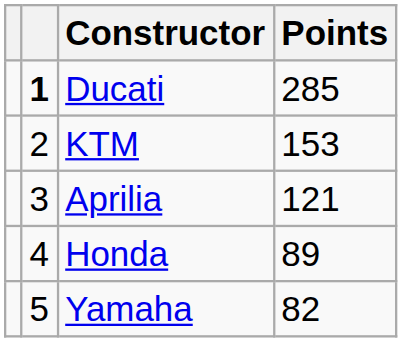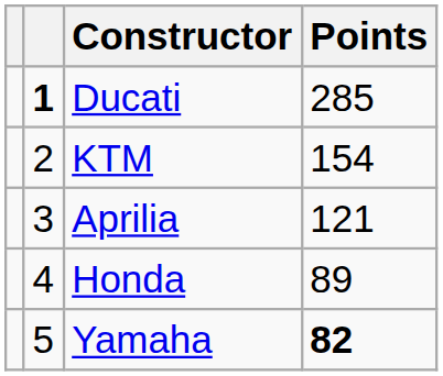 <table class="wikitable" style="font-size: 95%;">
 <tr>
 <th></th>
 <th></th>
 <th>Constructor</th>
 <th>Points</th>
 </tr>
 <tr>
 <td></td>
 <td align=center><strong>1</strong></td>
 <td> <a href='#'>Ducati</a></td>
 <td align=left>285</td>
 </tr>
 <tr>
 <td></td>
 <td align=center>2</td>
 <td> <a href='#'>KTM</a></td>
-<td align=left>153</td>
+<td align=left>154</td>
 </tr>
 <tr>
 <td></td>
 <td align=center>3</td>
 <td> <a href='#'>Aprilia</a></td>
 <td align=left>121</td>
 </tr>
 <tr>
 <td></td>
 <td align=center>4</td>
 <td> <a href='#'>Honda</a></td>
 <td align=left>89</td>
 </tr>
 <tr>
 <td></td>
 <td align=center>5</td>
 <td> <a href='#'>Yamaha</a></td>
-<td align=left>82</td>
+<td align=left><strong>82</strong></td>
 </tr>
 </table>
